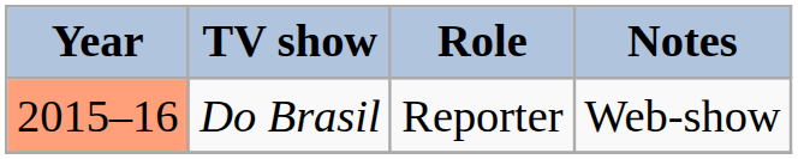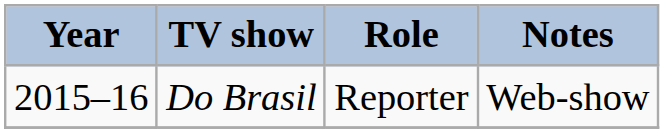 <table class="wikitable">
 <tr style="text-align:center;">
 <th style="background:#B0C4DE;">Year</th>
 <th style="background:#B0C4DE;">TV show</th>
 <th style="background:#B0C4DE;">Role</th>
 <th style="background:#B0C4DE;">Notes</th>
 </tr>
 <tr>
-<td style="background: lightsalmon;">2015–16</td>
+<td>2015–16</td>
 <td><em>Do Brasil</em></td>
 <td align="center">Reporter</td>
 <td>Web-show</td>
 </tr>
 <tr>
 </tr>
 </table>
